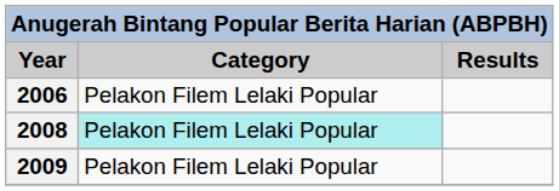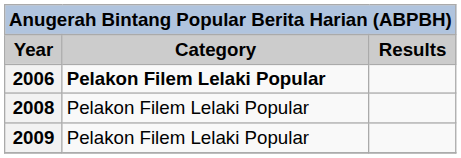 <table class="wikitable" style="font-size:90%;">
 <tr>
 <th colspan=4 style="background:#B0C4DE;">Anugerah Bintang Popular Berita Harian (ABPBH)</th>
 </tr>
 <tr align="center">
 <th style="background: #CCCCCC;">Year</th>
 <th style="background: #CCCCCC;">Category</th>
 <th style="background: #CCCCCC;">Results</th>
 </tr>
 <tr>
 <th>2006</th>
-<td>Pelakon Filem Lelaki Popular</td>
+<td><strong>Pelakon Filem Lelaki Popular</strong></td>
 <td></td>
 </tr>
 <tr>
 <th>2008</th>
-<td style="background: paleturquoise;">Pelakon Filem Lelaki Popular</td>
+<td>Pelakon Filem Lelaki Popular</td>
 <td></td>
 </tr>
 <tr>
 <th>2009</th>
 <td>Pelakon Filem Lelaki Popular</td>
 <td></td>
 </tr>
 <tr>
 </tr>
 </table>
